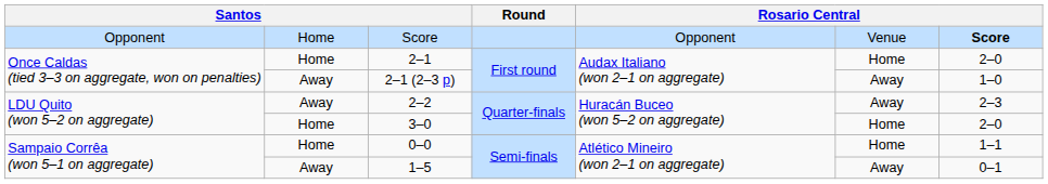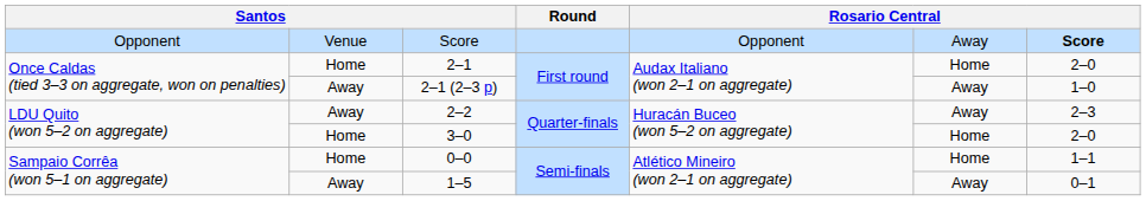 <table class="wikitable" style="text-align: center;">
 <tr>
 <th colspan=3> <a href='#'>Santos</a></th>
 <th>Round</th>
 <th colspan=3> <a href='#'>Rosario Central</a></th>
 </tr>
 <tr bgcolor=#c1e0ff>
 <td width=25%>Opponent</td>
-<td>Home</td>
+<td width=10%>Venue</td>
 <td width=10%>Score</td>
 <td width=10%></td>
 <td width=25%>Opponent</td>
-<td width=10%>Venue</td>
+<td>Away</td>
 <td width=10%><strong>Score</strong></td>
 </tr>
 <tr>
 <td rowspan=2 align=left> <a href='#'>Once Caldas</a><br><em>(tied 3–3 on aggregate, won on penalties)</em></td>
 <td>Home</td>
 <td>2–1</td>
 <td rowspan=2 bgcolor=#c1e0ff><a href='#'>First round</a></td>
 <td rowspan=2 align=left> <a href='#'>Audax Italiano</a><br><em>(won 2–1 on aggregate)</em></td>
 <td>Home</td>
 <td>2–0</td>
 </tr>
 <tr>
 <td>Away</td>
 <td>2–1 (2–3 <a href='#'>p</a>)</td>
 <td>Away</td>
 <td>1–0</td>
 </tr>
 <tr>
 <td rowspan=2 align=left> <a href='#'>LDU Quito</a><br><em>(won 5–2 on aggregate)</em></td>
 <td>Away</td>
 <td>2–2</td>
 <td rowspan=2 bgcolor=#c1e0ff><a href='#'>Quarter-finals</a></td>
 <td rowspan=2 align=left> <a href='#'>Huracán Buceo</a><br><em>(won 5–2 on aggregate)</em></td>
 <td>Away</td>
 <td>2–3</td>
 </tr>
 <tr>
 <td>Home</td>
 <td>3–0</td>
 <td>Home</td>
 <td>2–0</td>
 </tr>
 <tr>
 <td rowspan=2 align=left> <a href='#'>Sampaio Corrêa</a><br><em>(won 5–1 on aggregate)</em></td>
 <td>Home</td>
 <td>0–0</td>
 <td rowspan=2 bgcolor=#c1e0ff><a href='#'>Semi-finals</a></td>
 <td rowspan=2 align=left> <a href='#'>Atlético Mineiro</a><br><em>(won 2–1 on aggregate)</em></td>
 <td>Home</td>
 <td>1–1</td>
 </tr>
 <tr>
 <td>Away</td>
 <td>1–5</td>
 <td>Away</td>
 <td>0–1</td>
 </tr>
 </table>
